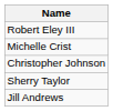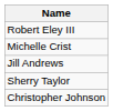 <table class="wikitable sortable">
 <tr>
 <th>Name</th>
 </tr>
 <tr>
 <td>Robert Eley III</td>
 </tr>
 <tr>
 <td>Michelle Crist</td>
 </tr>
 <tr>
-<td>Christopher Johnson</td>
+<td>Jill Andrews</td>
 </tr>
 <tr>
 <td>Sherry Taylor</td>
 </tr>
 <tr>
-<td>Jill Andrews</td>
+<td>Christopher Johnson</td>
 </tr>
 </table>
